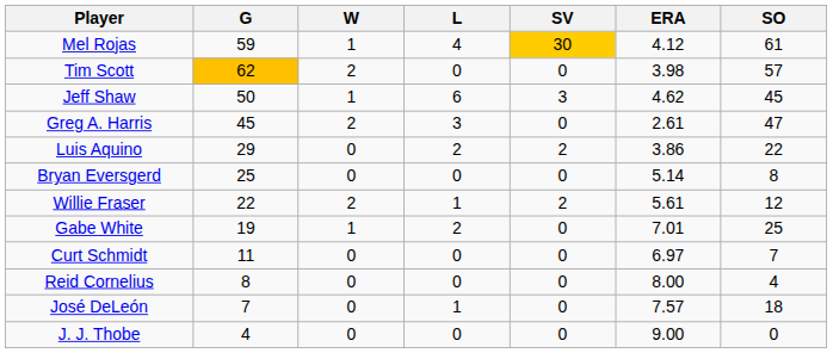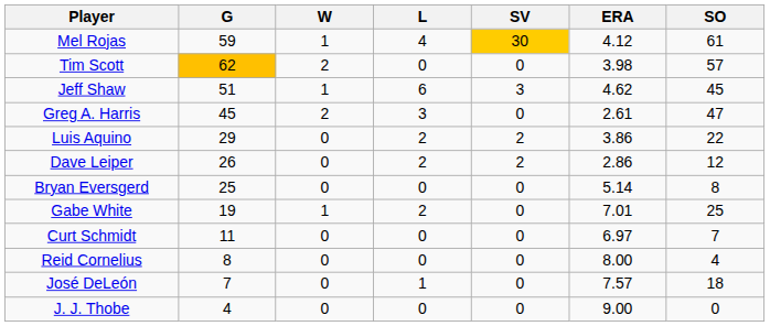 <table class="wikitable sortable">
 <tr>
 <th bgcolor="#DDDDFF" width="16%">Player</th>
 <th bgcolor="#DDDDFF" width="9%">G</th>
 <th bgcolor="#DDDDFF" width="9%">W</th>
 <th bgcolor="#DDDDFF" width="9%">L</th>
 <th bgcolor="#DDDDFF" width="9%">SV</th>
 <th bgcolor="#DDDDFF" width="9%">ERA</th>
 <th bgcolor="#DDDDFF" width="9%">SO</th>
 </tr>
 <tr align="center">
 <td><a href='#'>Mel Rojas</a></td>
 <td>59</td>
 <td>1</td>
 <td>4</td>
 <td bgcolor="#FFCC00">30</td>
 <td>4.12</td>
 <td>61</td>
 </tr>
 <tr align=center>
 <td><a href='#'>Tim Scott</a></td>
 <td bgcolor="#FFCC00'">62</td>
 <td>2</td>
 <td>0</td>
 <td>0</td>
 <td>3.98</td>
 <td>57</td>
 </tr>
 <tr align=center>
 <td><a href='#'>Jeff Shaw</a></td>
-<td>50</td>
+<td>51</td>
 <td>1</td>
 <td>6</td>
 <td>3</td>
 <td>4.62</td>
 <td>45</td>
 </tr>
 <tr align=center>
 <td><a href='#'>Greg A. Harris</a></td>
 <td>45</td>
 <td>2</td>
 <td>3</td>
 <td>0</td>
 <td>2.61</td>
 <td>47</td>
 </tr>
 <tr align=center>
 <td><a href='#'>Luis Aquino</a></td>
 <td>29</td>
 <td>0</td>
 <td>2</td>
 <td>2</td>
 <td>3.86</td>
 <td>22</td>
 </tr>
 <tr align=center>
+<td><a href='#'>Dave Leiper</a></td>
+<td>26</td>
+<td>0</td>
+<td>2</td>
+<td>2</td>
+<td>2.86</td>
+<td>12</td>
+</tr>
+<tr align=center>
 <td><a href='#'>Bryan Eversgerd</a></td>
 <td>25</td>
 <td>0</td>
 <td>0</td>
 <td>0</td>
 <td>5.14</td>
 <td>8</td>
-</tr>
-<tr align=center>
-<td><a href='#'>Willie Fraser</a></td>
-<td>22</td>
-<td>2</td>
-<td>1</td>
-<td>2</td>
-<td>5.61</td>
-<td>12</td>
 </tr>
 <tr align=center>
 <td><a href='#'>Gabe White</a></td>
 <td>19</td>
 <td>1</td>
 <td>2</td>
 <td>0</td>
 <td>7.01</td>
 <td>25</td>
 </tr>
 <tr align=center>
 <td><a href='#'>Curt Schmidt</a></td>
 <td>11</td>
 <td>0</td>
 <td>0</td>
 <td>0</td>
 <td>6.97</td>
 <td>7</td>
 </tr>
 <tr align=center>
 <td><a href='#'>Reid Cornelius</a></td>
 <td>8</td>
 <td>0</td>
 <td>0</td>
 <td>0</td>
 <td>8.00</td>
 <td>4</td>
 </tr>
 <tr align=center>
 <td><a href='#'>José DeLeón</a></td>
 <td>7</td>
 <td>0</td>
 <td>1</td>
 <td>0</td>
 <td>7.57</td>
 <td>18</td>
 </tr>
 <tr align=center>
 <td><a href='#'>J. J. Thobe</a></td>
 <td>4</td>
 <td>0</td>
 <td>0</td>
 <td>0</td>
 <td>9.00</td>
 <td>0</td>
 </tr>
 </table>
